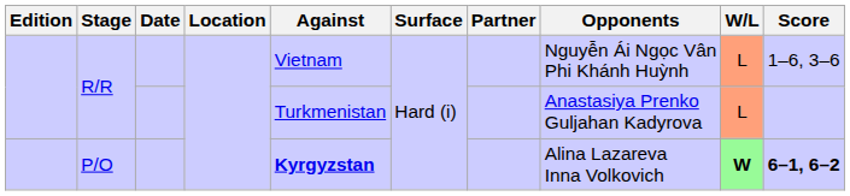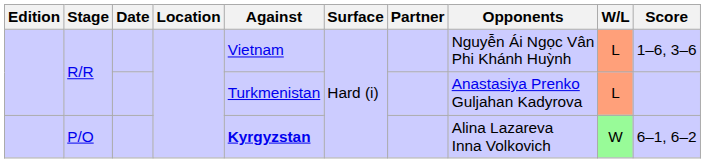 <table class=wikitable style=font-size:97%>
 <tr>
 <th>Edition</th>
 <th>Stage</th>
 <th>Date</th>
 <th>Location</th>
 <th>Against</th>
 <th>Surface</th>
 <th>Partner</th>
 <th>Opponents</th>
 <th>W/L</th>
 <th>Score</th>
 </tr>
 <tr style="background:#ccf;">
 <td rowspan="2"></td>
 <td rowspan="2"><a href='#'>R/R</a></td>
 <td></td>
 <td rowspan="3"></td>
 <td> <a href='#'>Vietnam</a></td>
 <td rowspan="3">Hard (i)</td>
 <td> </td>
 <td> Nguyễn Ái Ngọc Vân <br>  Phi Khánh Huỳnh</td>
 <td style="text-align:center; background:#ffa07a;">L</td>
 <td>1–6, 3–6</td>
 </tr>
 <tr style="background:#ccf;">
 <td></td>
 <td> <a href='#'>Turkmenistan</a></td>
 <td> </td>
 <td> <a href='#'>Anastasiya Prenko</a> <br>  Guljahan Kadyrova</td>
 <td style="text-align:center; background:#ffa07a;">L</td>
 <td></td>
 </tr>
 <tr style="background:#ccf;">
 <td rowspan="1"></td>
 <td rowspan="1"><a href='#'>P/O</a></td>
 <td></td>
 <td><strong> <a href='#'>Kyrgyzstan</a></strong></td>
 <td> </td>
 <td> Alina Lazareva <br>  Inna Volkovich</td>
-<td style="text-align:center; background:#98fb98;"><strong>W</strong></td>
-<td><strong>6–1, 6–2</strong></td>
+<td style="text-align:center; background:#98fb98;">W</td>
+<td>6–1, 6–2</td>
 </tr>
 </table>
